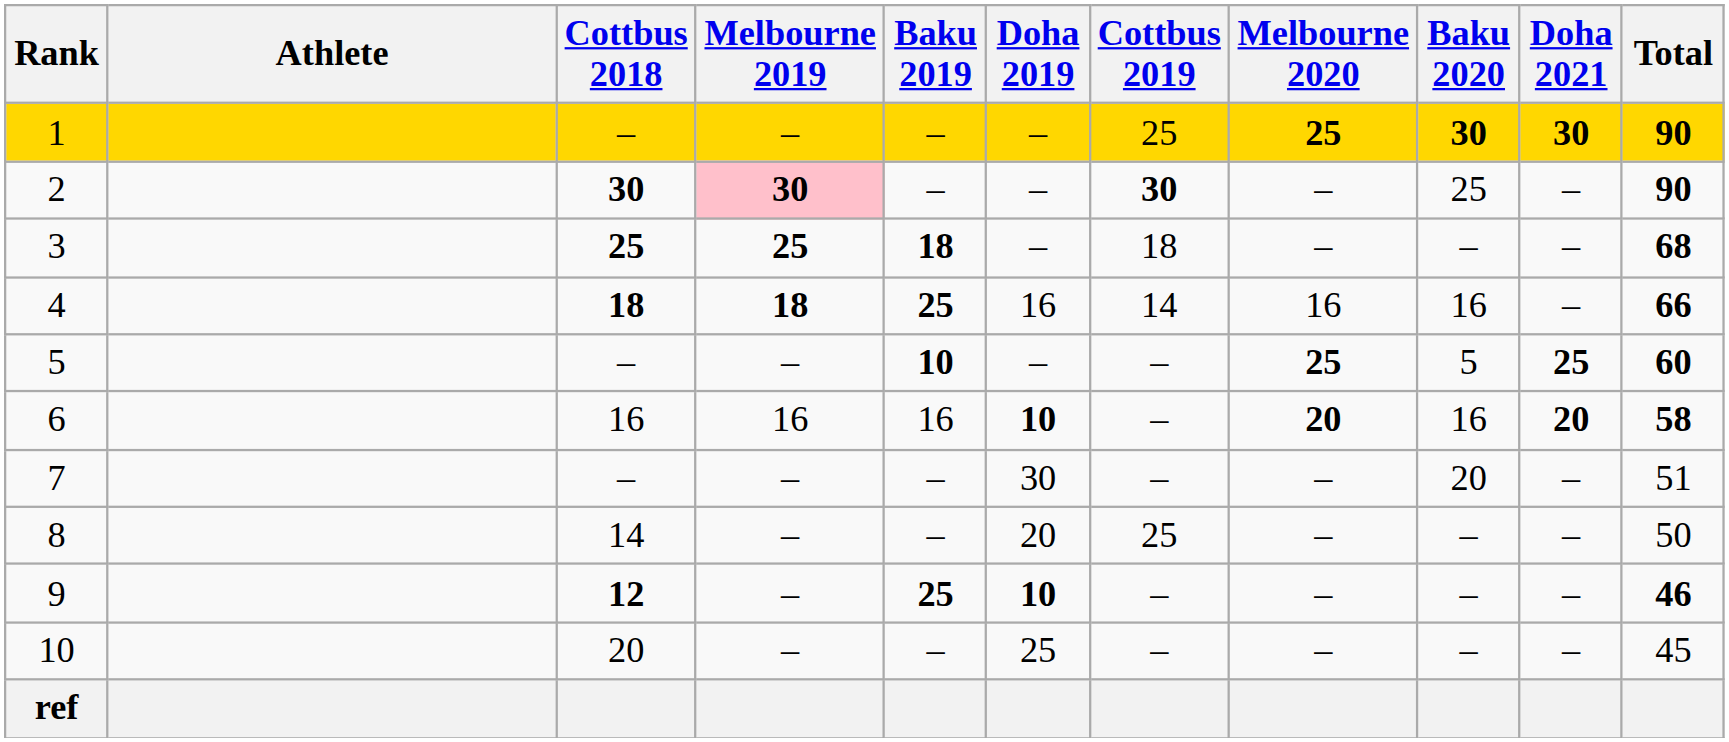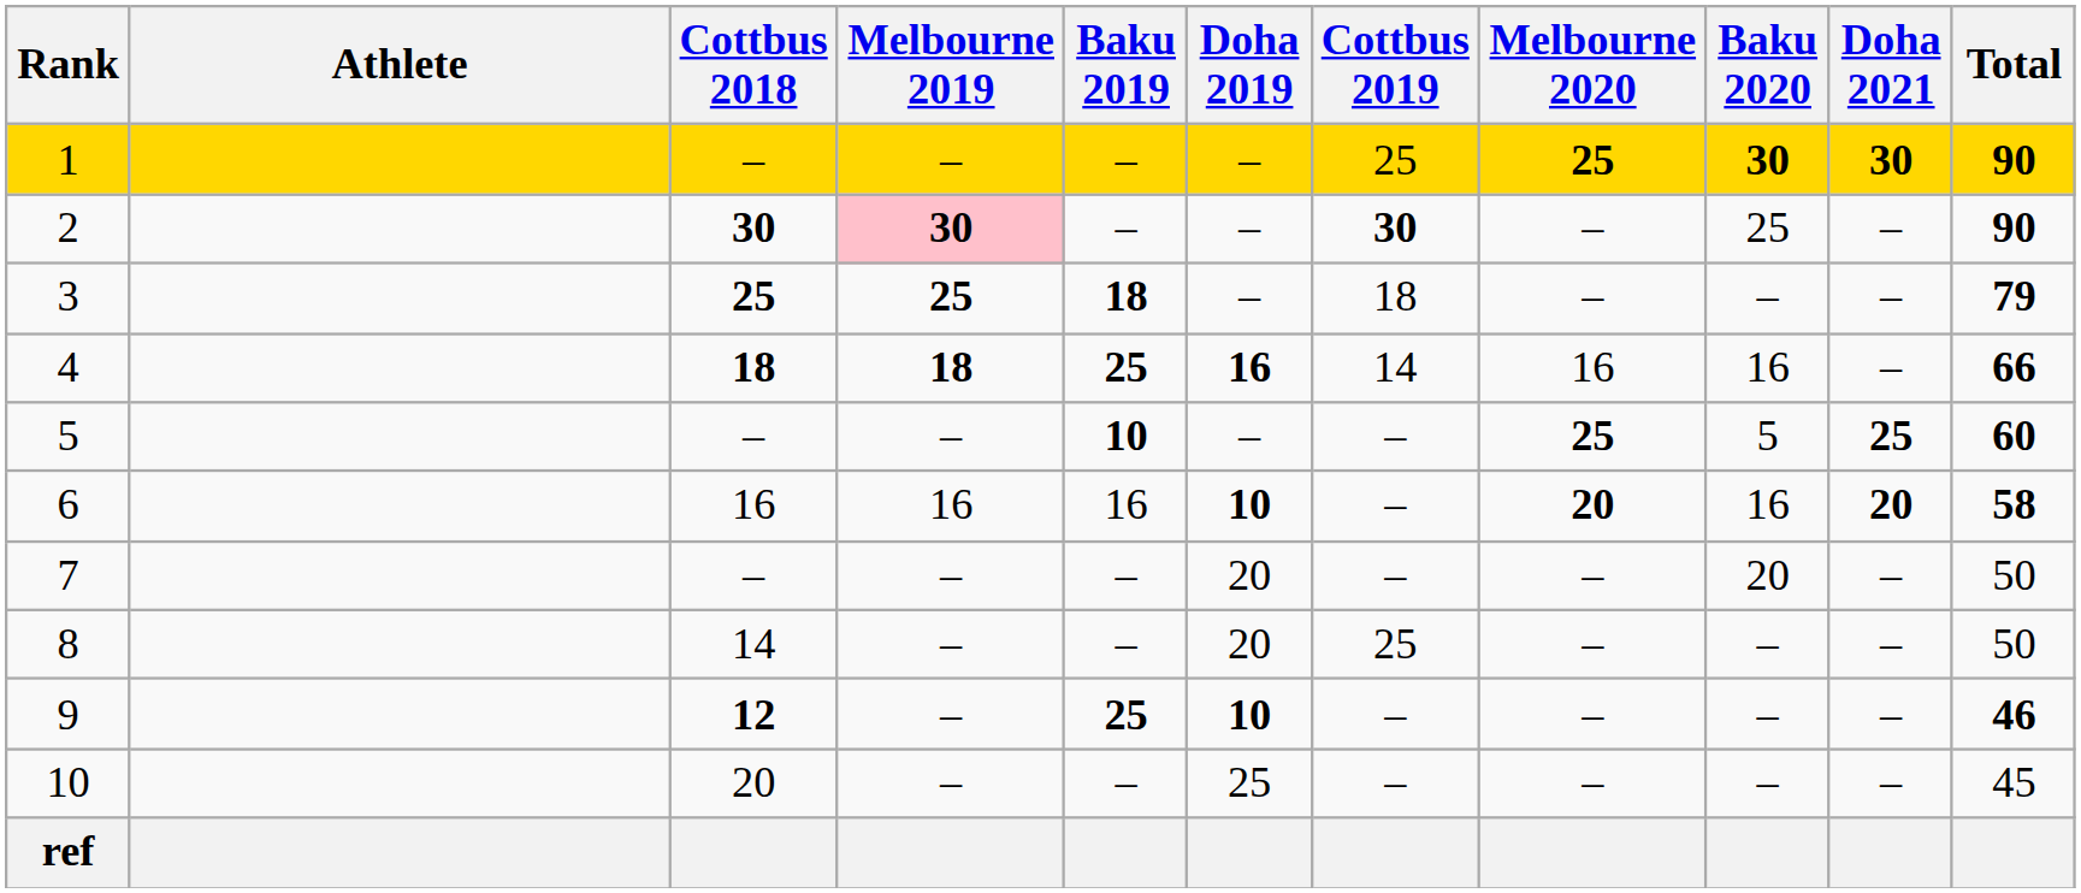 <table style="width:60%;" class="wikitable">
 <tr>
 <th style="text-align:center; width:6%;">Rank</th>
 <th style="text-align:center; width:30%;">Athlete</th>
 <th style="text-align:center; width:6%;"><a href='#'>Cottbus 2018</a></th>
 <th style="text-align:center; width:6%;"><a href='#'>Melbourne 2019</a></th>
 <th style="text-align:center; width:6%;"><a href='#'>Baku 2019</a></th>
 <th style="text-align:center; width:6%;"><a href='#'>Doha 2019</a></th>
 <th style="text-align:center; width:6%;"><a href='#'>Cottbus 2019</a></th>
 <th style="text-align:center; width:6%;"><a href='#'>Melbourne 2020</a></th>
 <th style="text-align:center; width:6%;"><a href='#'>Baku 2020</a></th>
 <th style="text-align:center; width:6%;"><a href='#'>Doha 2021</a></th>
 <th style="text-align:center; width:6%;">Total</th>
 </tr>
 <tr scope=row style="text-align:center" bgcolor=gold>
 <td>1</td>
 <td align=left></td>
 <td>–</td>
 <td>–</td>
 <td>–</td>
 <td>–</td>
 <td>25</td>
 <td><strong>25</strong></td>
 <td><strong>30</strong></td>
 <td><strong>30</strong></td>
 <td><strong>90</strong></td>
 </tr>
 <tr scope=row style="text-align:center">
 <td>2</td>
 <td align=left></td>
 <td><strong>30</strong></td>
 <td style="background: pink;"><strong>30</strong></td>
 <td>–</td>
 <td>–</td>
 <td><strong>30</strong></td>
 <td>–</td>
 <td>25</td>
 <td>–</td>
 <td><strong>90</strong></td>
 </tr>
 <tr scope=row style="text-align:center">
 <td>3</td>
 <td align=left></td>
 <td><strong>25</strong></td>
 <td><strong>25</strong></td>
 <td><strong>18</strong></td>
 <td>–</td>
 <td>18</td>
 <td>–</td>
 <td>–</td>
 <td>–</td>
-<td><strong>68</strong></td>
+<td><strong>79</strong></td>
 </tr>
 <tr scope=row style="text-align:center">
 <td>4</td>
 <td align=left></td>
 <td><strong>18</strong></td>
 <td><strong>18</strong></td>
 <td><strong>25</strong></td>
-<td>16</td>
+<td><strong>16</strong></td>
 <td>14</td>
 <td>16</td>
 <td>16</td>
 <td>–</td>
 <td><strong>66</strong></td>
 </tr>
 <tr scope=row style="text-align:center">
 <td>5</td>
 <td align=left></td>
 <td>–</td>
 <td>–</td>
 <td><strong>10</strong></td>
 <td>–</td>
 <td>–</td>
 <td><strong>25</strong></td>
 <td>5</td>
 <td><strong>25</strong></td>
 <td><strong>60</strong></td>
 </tr>
 <tr scope=row style="text-align:center">
 <td>6</td>
 <td align=left></td>
 <td>16</td>
 <td>16</td>
 <td>16</td>
 <td><strong>10</strong></td>
 <td>–</td>
 <td><strong>20</strong></td>
 <td>16</td>
 <td><strong>20</strong></td>
 <td><strong>58</strong></td>
 </tr>
 <tr scope=row style="text-align:center">
 <td>7</td>
 <td align=left></td>
 <td>–</td>
 <td>–</td>
 <td>–</td>
-<td>30</td>
+<td>20</td>
 <td>–</td>
 <td>–</td>
 <td>20</td>
 <td>–</td>
-<td>51</td>
+<td>50</td>
 </tr>
 <tr scope=row style="text-align:center">
 <td>8</td>
 <td align=left></td>
 <td>14</td>
 <td>–</td>
 <td>–</td>
 <td>20</td>
 <td>25</td>
 <td>–</td>
 <td>–</td>
 <td>–</td>
 <td>50</td>
 </tr>
 <tr scope=row style="text-align:center">
 <td>9</td>
 <td align=left></td>
 <td><strong>12</strong></td>
 <td>–</td>
 <td><strong>25</strong></td>
 <td><strong>10</strong></td>
 <td>–</td>
 <td>–</td>
 <td>–</td>
 <td>–</td>
 <td><strong>46</strong></td>
 </tr>
 <tr scope=row style="text-align:center">
 <td>10</td>
 <td align=left></td>
 <td>20</td>
 <td>–</td>
 <td>–</td>
 <td>25</td>
 <td>–</td>
 <td>–</td>
 <td>–</td>
 <td>–</td>
 <td>45</td>
 </tr>
 <tr scope=row style="text-align:center">
 <th>ref</th>
 <th></th>
 <th></th>
 <th></th>
 <th></th>
 <th></th>
 <th></th>
 <th></th>
 <th></th>
 <th></th>
 <th></th>
 </tr>
 </table>
